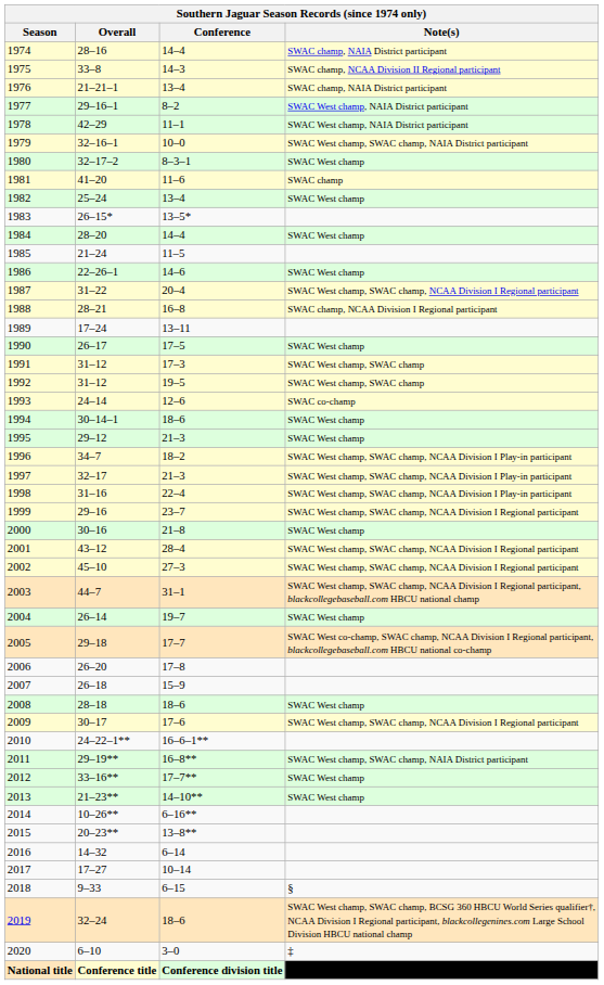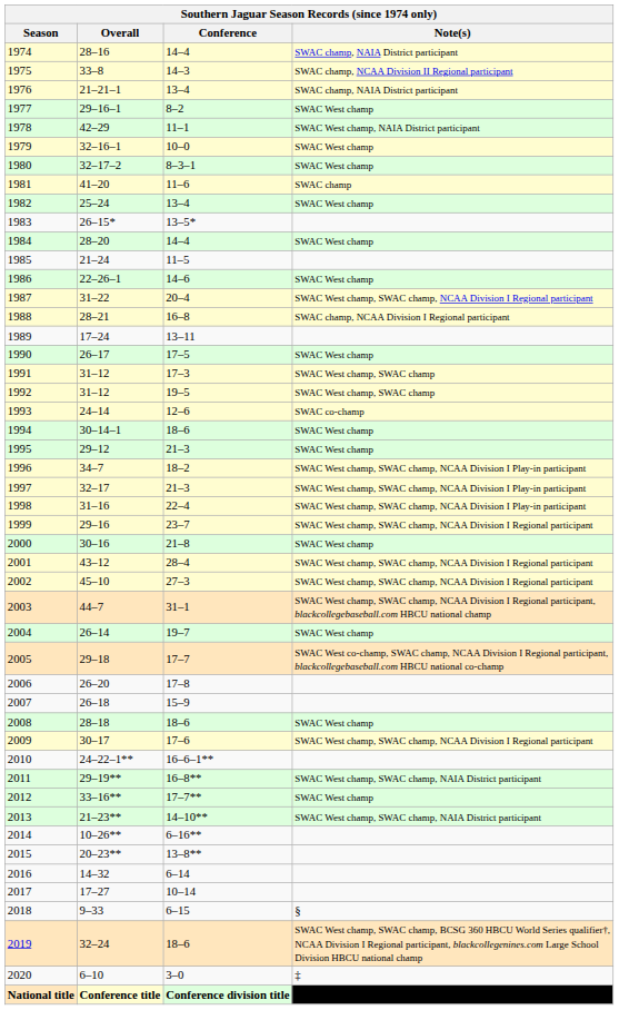 <table class="wikitable" style="text-align:left">
 <tr>
 <th colspan=8>Southern Jaguar Season Records (since 1974 only)</th>
 </tr>
 <tr>
 <th>Season</th>
 <th>Overall</th>
 <th>Conference</th>
 <th>Note(s)<br></th>
 </tr>
 <tr bgcolor="#FFFDD0">
 <td>1974</td>
 <td>28–16</td>
 <td>14–4</td>
 <td><small><a href='#'>SWAC champ</a>, <a href='#'>NAIA</a> District participant</small></td>
 </tr>
 <tr bgcolor="#FFFDD0">
 <td>1975</td>
 <td>33–8</td>
 <td>14–3</td>
 <td><small>SWAC champ, <a href='#'>NCAA Division II Regional participant</a></small></td>
 </tr>
 <tr bgcolor="#FFFDD0">
 <td>1976</td>
 <td>21–21–1</td>
 <td>13–4</td>
 <td><small>SWAC champ, NAIA District participant</small><br></td>
 </tr>
 <tr bgcolor="#DDFFDD">
 <td>1977</td>
 <td>29–16–1</td>
 <td>8–2</td>
-<td><small><a href='#'>SWAC West champ</a>, NAIA District participant</small></td>
+<td><small>SWAC West champ</small></td>
 </tr>
 <tr bgcolor="#DDFFDD">
 <td>1978</td>
 <td>42–29</td>
 <td>11–1</td>
 <td><small>SWAC West champ, NAIA District participant</small></td>
 </tr>
 <tr bgcolor="#FFFDD0">
 <td>1979</td>
 <td>32–16–1</td>
 <td>10–0</td>
-<td><small>SWAC West champ, SWAC champ, NAIA District participant</small></td>
+<td><small>SWAC West champ</small></td>
 </tr>
 <tr bgcolor="#DDFFDD">
 <td>1980</td>
 <td>32–17–2</td>
 <td>8–3–1</td>
 <td><small>SWAC West champ</small></td>
 </tr>
 <tr bgcolor="#FFFDD0">
 <td>1981</td>
 <td>41–20</td>
 <td>11–6</td>
 <td><small>SWAC champ</small></td>
 </tr>
 <tr bgcolor="#DDFFDD">
 <td>1982</td>
 <td>25–24</td>
 <td>13–4</td>
 <td><small>SWAC West champ</small></td>
 </tr>
 <tr>
 <td>1983</td>
 <td>26–15*</td>
 <td>13–5*</td>
 <td></td>
 </tr>
 <tr bgcolor="#DDFFDD">
 <td>1984</td>
 <td>28–20</td>
 <td>14–4</td>
 <td><small>SWAC West champ</small><br></td>
 </tr>
 <tr>
 <td>1985</td>
 <td>21–24</td>
 <td>11–5</td>
 <td></td>
 </tr>
 <tr bgcolor="#DDFFDD">
 <td>1986</td>
 <td>22–26–1</td>
 <td>14–6</td>
 <td><small>SWAC West champ</small></td>
 </tr>
 <tr bgcolor="#FFFDD0">
 <td>1987</td>
 <td>31–22</td>
 <td>20–4</td>
 <td><small>SWAC West champ, SWAC champ, <a href='#'>NCAA Division I Regional participant</a></small></td>
 </tr>
 <tr bgcolor="#FFFDD0">
 <td>1988</td>
 <td>28–21</td>
 <td>16–8</td>
 <td><small>SWAC champ, NCAA Division I Regional participant</small></td>
 </tr>
 <tr>
 <td>1989</td>
 <td>17–24</td>
 <td>13–11</td>
 <td></td>
 </tr>
 <tr bgcolor="#DDFFDD">
 <td>1990</td>
 <td>26–17</td>
 <td>17–5</td>
 <td><small>SWAC West champ</small></td>
 </tr>
 <tr bgcolor="#FFFDD0">
 <td>1991</td>
 <td>31–12</td>
 <td>17–3</td>
 <td><small>SWAC West champ, SWAC champ</small></td>
 </tr>
 <tr bgcolor="#FFFDD0">
 <td>1992</td>
 <td>31–12</td>
 <td>19–5</td>
 <td><small>SWAC West champ, SWAC champ</small></td>
 </tr>
 <tr bgcolor="#FFFDD0">
 <td>1993</td>
 <td>24–14</td>
 <td>12–6</td>
 <td><small>SWAC co-champ</small></td>
 </tr>
 <tr bgcolor="#DDFFDD">
 <td>1994</td>
 <td>30–14–1</td>
 <td>18–6</td>
 <td><small>SWAC West champ</small></td>
 </tr>
 <tr bgcolor="#DDFFDD">
 <td>1995</td>
 <td>29–12</td>
 <td>21–3</td>
 <td><small>SWAC West champ</small></td>
 </tr>
 <tr bgcolor="#FFFDD0">
 <td>1996</td>
 <td>34–7</td>
 <td>18–2</td>
 <td><small>SWAC West champ, SWAC champ, NCAA Division I Play-in participant</small></td>
 </tr>
 <tr bgcolor="#FFFDD0">
 <td>1997</td>
 <td>32–17</td>
 <td>21–3</td>
 <td><small>SWAC West champ, SWAC champ, NCAA Division I Play-in participant</small></td>
 </tr>
 <tr bgcolor="#FFFDD0">
 <td>1998</td>
 <td>31–16</td>
 <td>22–4</td>
 <td><small>SWAC West champ, SWAC champ, NCAA Division I Play-in participant</small></td>
 </tr>
 <tr bgcolor="#FFFDD0">
 <td>1999</td>
 <td>29–16</td>
 <td>23–7</td>
 <td><small>SWAC West champ, SWAC champ, NCAA Division I Regional participant</small></td>
 </tr>
 <tr bgcolor="#DDFFDD">
 <td>2000</td>
 <td>30–16</td>
 <td>21–8</td>
 <td><small>SWAC West champ</small></td>
 </tr>
 <tr bgcolor="#FFFDD0">
 <td>2001</td>
 <td>43–12</td>
 <td>28–4</td>
 <td><small>SWAC West champ, SWAC champ, NCAA Division I Regional participant</small></td>
 </tr>
 <tr bgcolor="#FFFDD0">
 <td>2002</td>
 <td>45–10</td>
 <td>27–3</td>
 <td><small>SWAC West champ, SWAC champ, NCAA Division I Regional participant</small></td>
 </tr>
 <tr bgcolor="#FFE6BD">
 <td>2003</td>
 <td>44–7</td>
 <td>31–1</td>
 <td><small>SWAC West champ, SWAC champ, NCAA Division I Regional participant,<br><em>blackcollegebaseball.com</em> HBCU national champ</small></td>
 </tr>
 <tr bgcolor="#DDFFDD">
 <td>2004</td>
 <td>26–14</td>
 <td>19–7</td>
 <td><small>SWAC West champ</small></td>
 </tr>
 <tr bgcolor="#FFE6BD">
 <td>2005</td>
 <td>29–18</td>
 <td>17–7</td>
 <td><small>SWAC West co-champ, SWAC champ, NCAA Division I Regional participant,<br><em>blackcollegebaseball.com</em> HBCU national co-champ</small></td>
 </tr>
 <tr>
 <td>2006</td>
 <td>26–20</td>
 <td>17–8</td>
 <td></td>
 </tr>
 <tr>
 <td>2007</td>
 <td>26–18</td>
 <td>15–9</td>
 <td></td>
 </tr>
 <tr bgcolor="#DDFFDD">
 <td>2008</td>
 <td>28–18</td>
 <td>18–6</td>
 <td><small>SWAC West champ</small></td>
 </tr>
 <tr bgcolor="#FFFDD0">
 <td>2009</td>
 <td>30–17</td>
 <td>17–6</td>
 <td><small>SWAC West champ, SWAC champ, NCAA Division I Regional participant</small></td>
 </tr>
 <tr>
 <td>2010</td>
 <td>24–22–1**</td>
 <td>16–6–1**</td>
 <td></td>
 </tr>
 <tr bgcolor="#DDFFDD">
 <td>2011</td>
 <td>29–19**</td>
 <td>16–8**</td>
 <td><small>SWAC West champ, SWAC champ, NAIA District participant</small></td>
 </tr>
 <tr bgcolor="#DDFFDD">
 <td>2012</td>
 <td>33–16**</td>
 <td>17–7**</td>
 <td><small>SWAC West champ</small></td>
 </tr>
 <tr bgcolor="#DDFFDD">
 <td>2013</td>
 <td>21–23**</td>
 <td>14–10**</td>
-<td><small>SWAC West champ</small></td>
+<td><small>SWAC West champ, SWAC champ, NAIA District participant</small></td>
 </tr>
 <tr>
 <td>2014</td>
 <td>10–26**</td>
 <td>6–16**</td>
 <td></td>
 </tr>
 <tr>
 <td>2015</td>
 <td>20–23**</td>
 <td>13–8**</td>
 <td></td>
 </tr>
 <tr>
 <td>2016</td>
 <td>14–32</td>
 <td>6–14</td>
 <td></td>
 </tr>
 <tr>
 <td>2017</td>
 <td>17–27</td>
 <td>10–14</td>
 <td><br></td>
 </tr>
 <tr>
 <td>2018</td>
 <td>9–33</td>
 <td>6–15</td>
 <td>§</td>
 </tr>
 <tr bgcolor="#FFE6BD">
 <td><a href='#'>2019</a></td>
 <td>32–24</td>
 <td>18–6</td>
 <td><small>SWAC West champ, SWAC champ, BCSG 360 HBCU World Series qualifier†,<br>NCAA Division I Regional participant, <em>blackcollegenines.com</em> Large School<br>Division HBCU national champ</small></td>
 </tr>
 <tr>
 <td>2020</td>
 <td>6–10</td>
 <td>3–0</td>
 <td>‡</td>
 </tr>
 <tr>
 <td bgcolor="#FFE6BD"><strong>National title</strong></td>
 <td bgcolor="#FFFDD0"><strong>Conference title</strong></td>
 <td bgcolor="#DDFFDD"><strong>Conference division title</strong></td>
 <td bgcolor="black"></td>
 </tr>
 </table>
